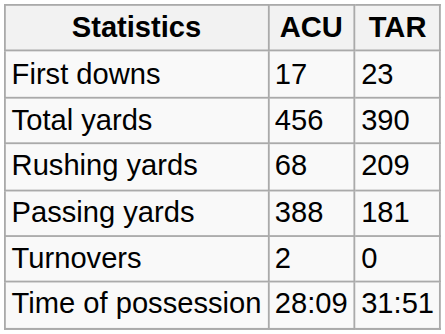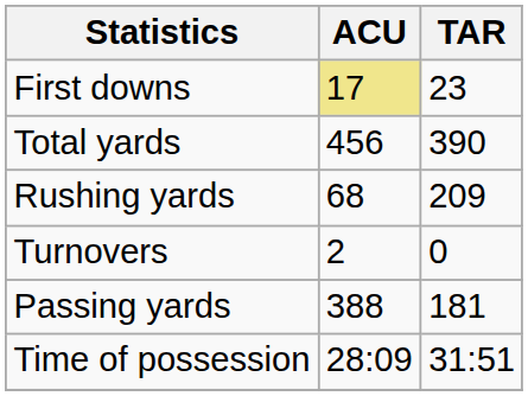 <table class="wikitable">
 <tr>
 <th>Statistics</th>
 <th>ACU</th>
 <th>TAR</th>
 </tr>
 <tr>
 <td>First downs</td>
-<td>17</td>
+<td style="background: khaki;">17</td>
 <td>23</td>
 </tr>
 <tr>
 <td>Total yards</td>
 <td>456</td>
 <td>390</td>
 </tr>
 <tr>
 <td>Rushing yards</td>
 <td>68</td>
 <td>209</td>
 </tr>
 <tr>
+<td>Turnovers</td>
+<td>2</td>
+<td>0</td>
+</tr>
+<tr>
 <td>Passing yards</td>
 <td>388</td>
 <td>181</td>
-</tr>
-<tr>
-<td>Turnovers</td>
-<td>2</td>
-<td>0</td>
 </tr>
 <tr>
 <td>Time of possession</td>
 <td>28:09</td>
 <td>31:51</td>
 </tr>
 <tr>
 </tr>
 </table>
